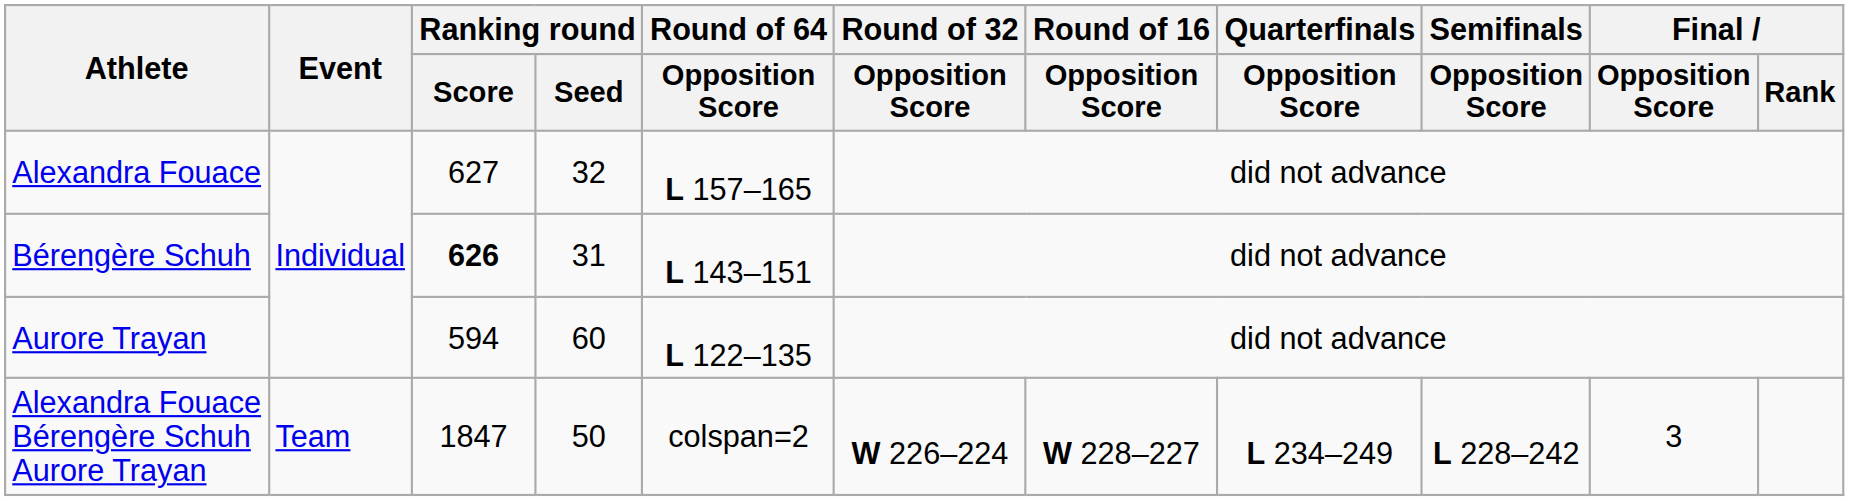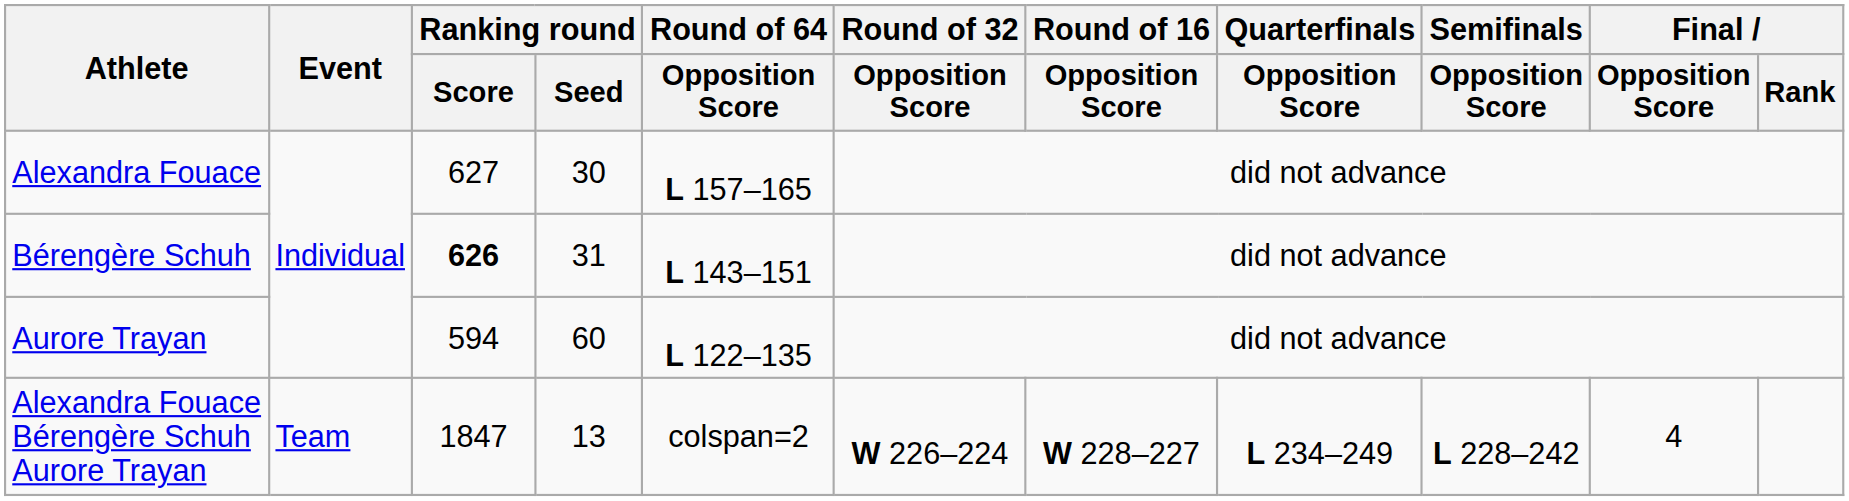 <table class="wikitable" style="font-size:90%">
 <tr>
 <th rowspan="2">Athlete</th>
 <th rowspan="2">Event</th>
 <th colspan="2">Ranking round</th>
 <th>Round of 64</th>
 <th>Round of 32</th>
 <th>Round of 16</th>
 <th>Quarterfinals</th>
 <th>Semifinals</th>
 <th colspan="2">Final / </th>
 </tr>
 <tr style="font-size:95%">
 <th>Score</th>
 <th>Seed</th>
 <th>Opposition<br>Score</th>
 <th>Opposition<br>Score</th>
 <th>Opposition<br>Score</th>
 <th>Opposition<br>Score</th>
 <th>Opposition<br>Score</th>
 <th>Opposition<br>Score</th>
 <th>Rank</th>
 </tr>
 <tr align=center>
 <td align=left><a href='#'>Alexandra Fouace</a></td>
 <td align=left rowspan=3><a href='#'>Individual</a></td>
 <td>627</td>
-<td>32</td>
+<td>30</td>
 <td><br><strong>L</strong> 157–165</td>
 <td colspan=6>did not advance</td>
 </tr>
 <tr align=center>
 <td align=left><a href='#'>Bérengère Schuh</a></td>
 <td><strong>626</strong></td>
 <td>31</td>
 <td><br><strong>L</strong> 143–151</td>
 <td colspan=6>did not advance</td>
 </tr>
 <tr align=center>
 <td align=left><a href='#'>Aurore Trayan</a></td>
 <td>594</td>
 <td>60</td>
 <td><br><strong>L</strong> 122–135</td>
 <td colspan=6>did not advance</td>
 </tr>
 <tr align=center>
 <td align=left><a href='#'>Alexandra Fouace</a><br><a href='#'>Bérengère Schuh</a><br><a href='#'>Aurore Trayan</a></td>
 <td align=left><a href='#'>Team</a></td>
 <td>1847</td>
-<td>50</td>
+<td>13</td>
 <td>colspan=2 </td>
 <td><br><strong>W</strong> 226–224</td>
 <td><br><strong>W</strong> 228–227</td>
 <td><br><strong>L</strong> 234–249</td>
 <td><br><strong>L</strong> 228–242</td>
-<td>3</td>
+<td>4</td>
 </tr>
 </table>
